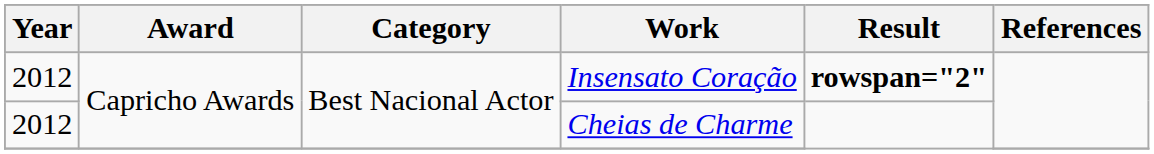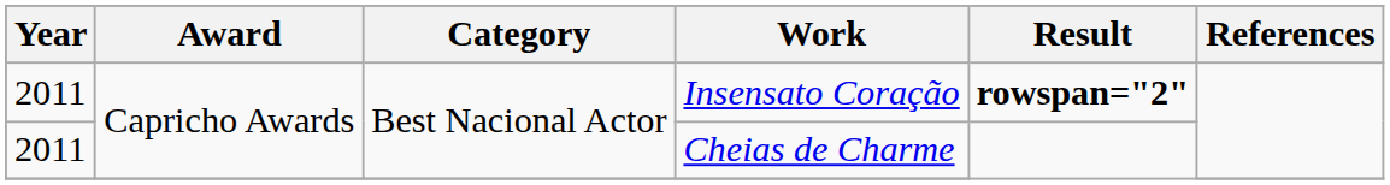 <table class="wikitable">
 <tr>
 <th>Year</th>
 <th>Award</th>
 <th>Category</th>
 <th>Work</th>
 <th>Result</th>
 <th>References</th>
 </tr>
 <tr>
-<td>2012</td>
+<td>2011</td>
 <td rowspan="2">Capricho Awards</td>
 <td rowspan="2">Best Nacional Actor</td>
 <td><em><a href='#'>Insensato Coração</a></em></td>
 <td><strong>rowspan="2" </strong></td>
 <td rowspan="2"></td>
 </tr>
 <tr>
-<td>2012</td>
+<td>2011</td>
 <td><em><a href='#'>Cheias de Charme</a></em></td>
 </tr>
 <tr>
 </tr>
 </table>
